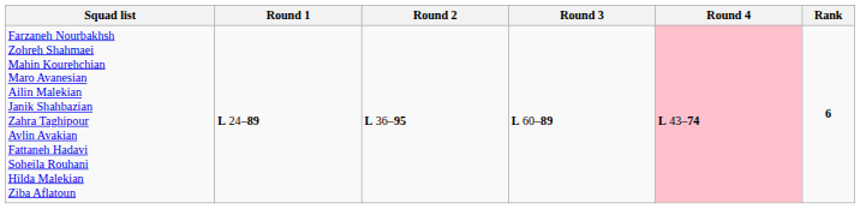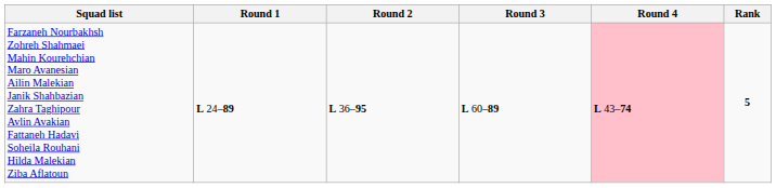 <table class="wikitable" width="80%" style="text-align:left; font-size:90%">
 <tr>
 <th width="20%">Squad list</th>
 <th width="14%">Round 1</th>
 <th width="14%">Round 2</th>
 <th width="14%">Round 3</th>
 <th width="14%">Round 4</th>
 <th width="5%">Rank</th>
 </tr>
 <tr>
 <td><a href='#'>Farzaneh Nourbakhsh</a><br><a href='#'>Zohreh Shahmaei</a><br><a href='#'>Mahin Kourehchian</a><br><a href='#'>Maro Avanesian</a><br><a href='#'>Ailin Malekian</a><br><a href='#'>Janik Shahbazian</a><br><a href='#'>Zahra Taghipour</a><br><a href='#'>Avlin Avakian</a><br><a href='#'>Fattaneh Hadavi</a><br><a href='#'>Soheila Rouhani</a><br><a href='#'>Hilda Malekian</a><br><a href='#'>Ziba Aflatoun</a></td>
 <td><br><strong>L</strong> 24–<strong>89</strong></td>
 <td><br><strong>L</strong> 36–<strong>95</strong></td>
 <td><br><strong>L</strong> 60–<strong>89</strong></td>
 <td style="background: pink;"><br><strong>L</strong> 43–<strong>74</strong></td>
-<td align="center"><strong>6</strong></td>
+<td align="center"><strong>5</strong></td>
 </tr>
 </table>
